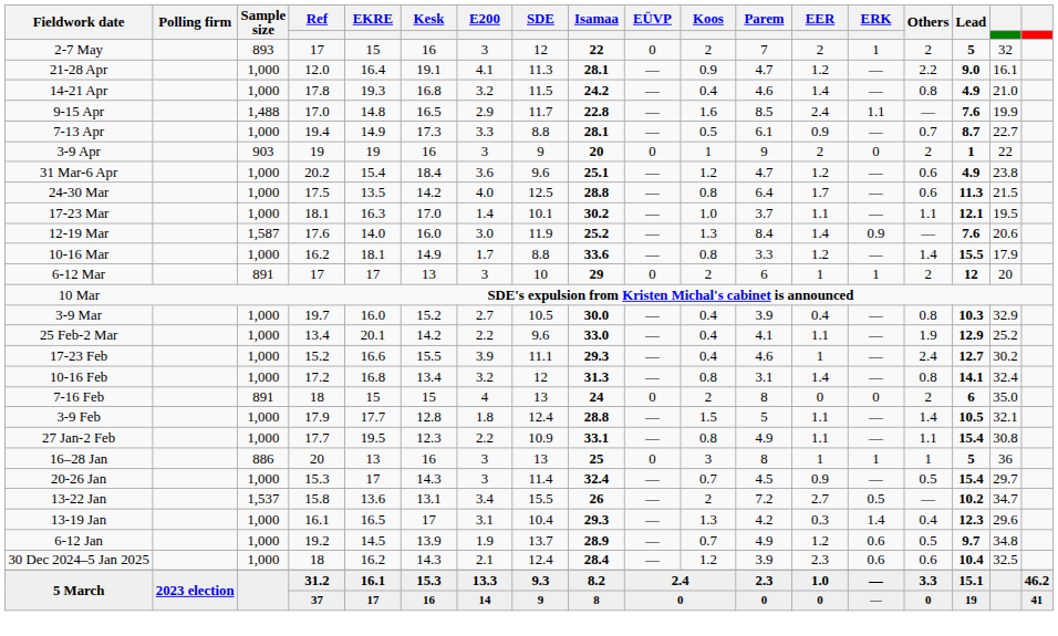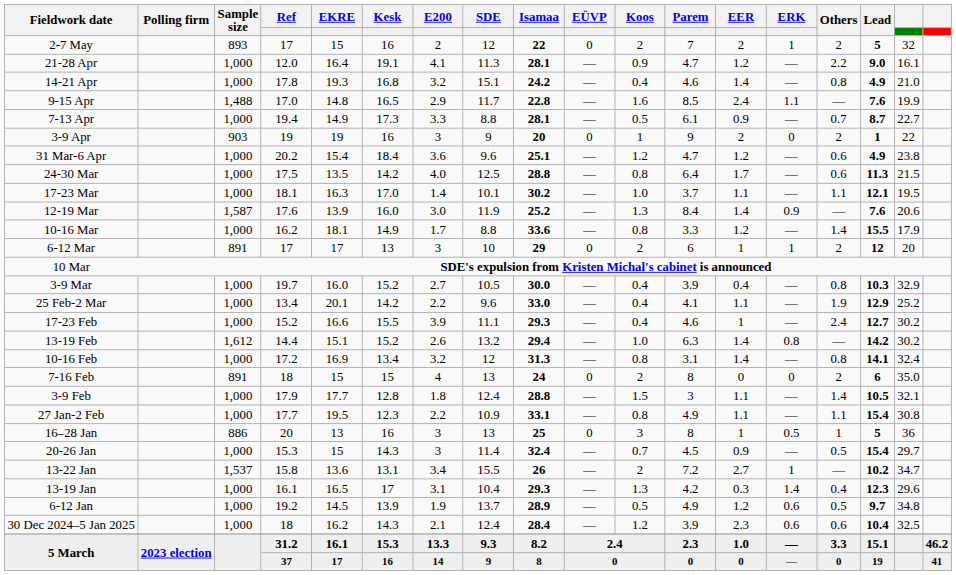 <table class="wikitable sortable mw-datatable" style="text-align:center;font-size:90%;line-height:14px;">
 <tr>
 <th rowspan="2">Fieldwork date</th>
 <th rowspan="2">Polling firm</th>
 <th rowspan="2" data-sort-type="number">Sample<br>size</th>
 <th class="unsortable" style="width:50px;"><a href='#'>Ref</a></th>
 <th class="unsortable" style="width:50px;"><a href='#'>EKRE</a></th>
 <th class="unsortable" style="width:50px;"><a href='#'>Kesk</a></th>
 <th class="unsortable" style="width:50px;"><a href='#'>E200</a></th>
 <th class="unsortable" style="width:50px;"><a href='#'>SDE</a></th>
 <th class="unsortable" style="width:50px;"><a href='#'>Isamaa</a></th>
 <th class="unsortable" style="width:50px;"><a href='#'>EÜVP</a></th>
 <th class="unsortable" style="width:50px;"><a href='#'>Koos</a></th>
 <th class="unsortable" style="width:50px;"><a href='#'>Parem</a></th>
 <th class="unsortable" style="width:50px;"><a href='#'>EER</a></th>
 <th class="unsortable" style="width:50px;"><a href='#'>ERK</a></th>
 <th rowspan="2" class="unsortable">Others</th>
 <th rowspan="2" data-sort-type="number">Lead</th>
 <th class="unsortable" style="width:20px;"></th>
 <th class="unsortable" style="width:20px;"></th>
 </tr>
 <tr style="text-align:center;">
 <th data-sort-type="number" style="background:"></th>
 <th data-sort-type="number" style="background:"></th>
 <th data-sort-type="number" style="background:"></th>
 <th data-sort-type="number" style="background:"></th>
 <th data-sort-type="number" style="background:"></th>
 <th data-sort-type="number" style="background:"></th>
 <th data-sort-type="number" style="background:"></th>
 <th data-sort-type="number" style="background:"></th>
 <th data-sort-type="number" style="background:"></th>
 <th data-sort-type="number" style="background:"></th>
 <th data-sort-type="number" style="background:"></th>
 <th data-sort-type="number" style="background:Green;"></th>
 <th data-sort-type="number" style="background:Red;"></th>
 </tr>
 <tr>
 <td>2-7 May</td>
 <td></td>
 <td>893</td>
 <td>17</td>
 <td>15</td>
 <td>16</td>
-<td>3</td>
+<td>2</td>
 <td>12</td>
 <td><strong>22</strong></td>
 <td>0</td>
 <td>2</td>
 <td>7</td>
 <td>2</td>
 <td>1</td>
 <td>2</td>
 <td style="background:"><strong>5</strong></td>
 <td>32</td>
 <td></td>
 </tr>
 <tr>
 <td>21-28 Apr</td>
 <td></td>
 <td>1,000</td>
 <td>12.0</td>
 <td>16.4</td>
 <td>19.1</td>
 <td>4.1</td>
 <td>11.3</td>
 <td><strong>28.1</strong></td>
 <td>—</td>
 <td>0.9</td>
 <td>4.7</td>
 <td>1.2</td>
 <td>—</td>
 <td>2.2</td>
 <td style="background:"><strong>9.0</strong></td>
 <td>16.1</td>
 <td></td>
 </tr>
 <tr>
 <td>14-21 Apr</td>
 <td></td>
 <td>1,000</td>
 <td>17.8</td>
 <td>19.3</td>
 <td>16.8</td>
 <td>3.2</td>
-<td>11.5</td>
+<td>15.1</td>
 <td><strong>24.2</strong></td>
 <td>—</td>
 <td>0.4</td>
 <td>4.6</td>
 <td>1.4</td>
 <td>—</td>
 <td>0.8</td>
 <td style="background:"><strong>4.9</strong></td>
 <td>21.0</td>
 <td></td>
 </tr>
 <tr>
 <td>9-15 Apr</td>
 <td></td>
 <td>1,488</td>
 <td>17.0</td>
 <td>14.8</td>
 <td>16.5</td>
 <td>2.9</td>
 <td>11.7</td>
 <td><strong>22.8</strong></td>
 <td>—</td>
 <td>1.6</td>
 <td>8.5</td>
 <td>2.4</td>
 <td>1.1</td>
 <td>—</td>
 <td style="background:"><strong>7.6</strong></td>
 <td>19.9</td>
 <td></td>
 </tr>
 <tr>
 <td>7-13 Apr</td>
 <td></td>
 <td>1,000</td>
 <td>19.4</td>
 <td>14.9</td>
 <td>17.3</td>
 <td>3.3</td>
 <td>8.8</td>
 <td><strong>28.1</strong></td>
 <td>—</td>
 <td>0.5</td>
 <td>6.1</td>
 <td>0.9</td>
 <td>—</td>
 <td>0.7</td>
 <td style="background:"><strong>8.7</strong></td>
 <td>22.7</td>
 <td></td>
 </tr>
 <tr>
 <td>3-9 Apr</td>
 <td></td>
 <td>903</td>
 <td>19</td>
 <td>19</td>
 <td>16</td>
 <td>3</td>
 <td>9</td>
 <td><strong>20</strong></td>
 <td>0</td>
 <td>1</td>
 <td>9</td>
 <td>2</td>
 <td>0</td>
 <td>2</td>
 <td style="background:"><strong>1</strong></td>
 <td>22</td>
 <td></td>
 </tr>
 <tr>
 <td>31 Mar-6 Apr</td>
 <td></td>
 <td>1,000</td>
 <td>20.2</td>
 <td>15.4</td>
 <td>18.4</td>
 <td>3.6</td>
 <td>9.6</td>
 <td><strong>25.1</strong></td>
 <td>—</td>
 <td>1.2</td>
 <td>4.7</td>
 <td>1.2</td>
 <td>—</td>
 <td>0.6</td>
 <td style="background:"><strong>4.9</strong></td>
 <td>23.8</td>
 <td></td>
 </tr>
 <tr>
 <td>24-30 Mar</td>
 <td></td>
 <td>1,000</td>
 <td>17.5</td>
 <td>13.5</td>
 <td>14.2</td>
 <td>4.0</td>
 <td>12.5</td>
 <td><strong>28.8</strong></td>
 <td>—</td>
 <td>0.8</td>
 <td>6.4</td>
 <td>1.7</td>
 <td>—</td>
 <td>0.6</td>
 <td style="background:"><strong>11.3</strong></td>
 <td>21.5</td>
 <td></td>
 </tr>
 <tr>
 <td>17-23 Mar</td>
 <td></td>
 <td>1,000</td>
 <td>18.1</td>
 <td>16.3</td>
 <td>17.0</td>
 <td>1.4</td>
 <td>10.1</td>
 <td><strong>30.2</strong></td>
 <td>—</td>
 <td>1.0</td>
 <td>3.7</td>
 <td>1.1</td>
 <td>—</td>
 <td>1.1</td>
 <td style="background:"><strong>12.1</strong></td>
 <td>19.5</td>
 <td></td>
 </tr>
 <tr>
 <td>12-19 Mar</td>
 <td></td>
 <td>1,587</td>
 <td>17.6</td>
-<td>14.0</td>
+<td>13.9</td>
 <td>16.0</td>
 <td>3.0</td>
 <td>11.9</td>
 <td><strong>25.2</strong></td>
 <td>—</td>
 <td>1.3</td>
 <td>8.4</td>
 <td>1.4</td>
 <td>0.9</td>
 <td>—</td>
 <td style="background:"><strong>7.6</strong></td>
 <td>20.6</td>
 <td></td>
 </tr>
 <tr>
 <td>10-16 Mar</td>
 <td></td>
 <td>1,000</td>
 <td>16.2</td>
 <td>18.1</td>
 <td>14.9</td>
 <td>1.7</td>
 <td>8.8</td>
 <td><strong>33.6</strong></td>
 <td>—</td>
 <td>0.8</td>
 <td>3.3</td>
 <td>1.2</td>
 <td>—</td>
 <td>1.4</td>
 <td style="background:"><strong>15.5</strong></td>
 <td>17.9</td>
 <td></td>
 </tr>
 <tr>
 <td>6-12 Mar</td>
 <td></td>
 <td>891</td>
 <td>17</td>
 <td>17</td>
 <td>13</td>
 <td>3</td>
 <td>10</td>
 <td><strong>29</strong></td>
 <td>0</td>
 <td>2</td>
 <td>6</td>
 <td>1</td>
 <td>1</td>
 <td>2</td>
 <td style="background:"><strong>12</strong></td>
 <td>20</td>
 <td></td>
 </tr>
 <tr>
 <td style="border-right-style:hidden;">10 Mar</td>
 <td style="border-right-style:hidden;"></td>
 <td style="border-right-style:hidden;"></td>
 <td colspan="15"><strong>SDE's expulsion from <a href='#'>Kristen Michal's cabinet</a> is announced</strong></td>
 </tr>
 <tr>
 <td>3-9 Mar</td>
 <td></td>
 <td>1,000</td>
 <td>19.7</td>
 <td>16.0</td>
 <td>15.2</td>
 <td>2.7</td>
 <td>10.5</td>
 <td><strong>30.0</strong></td>
 <td>—</td>
 <td>0.4</td>
 <td>3.9</td>
 <td>0.4</td>
 <td>—</td>
 <td>0.8</td>
 <td style="background:"><strong>10.3</strong></td>
 <td>32.9</td>
 <td></td>
 </tr>
 <tr>
 <td>25 Feb-2 Mar</td>
 <td></td>
 <td>1,000</td>
 <td>13.4</td>
 <td>20.1</td>
 <td>14.2</td>
 <td>2.2</td>
 <td>9.6</td>
 <td><strong>33.0</strong></td>
 <td>—</td>
 <td>0.4</td>
 <td>4.1</td>
 <td>1.1</td>
 <td>—</td>
 <td>1.9</td>
 <td style="background:"><strong>12.9</strong></td>
 <td>25.2</td>
 <td></td>
 </tr>
 <tr>
 <td>17-23 Feb</td>
 <td></td>
 <td>1,000</td>
 <td>15.2</td>
 <td>16.6</td>
 <td>15.5</td>
 <td>3.9</td>
 <td>11.1</td>
 <td><strong>29.3</strong></td>
 <td>—</td>
 <td>0.4</td>
 <td>4.6</td>
 <td>1</td>
 <td>—</td>
 <td>2.4</td>
 <td style="background:"><strong>12.7</strong></td>
 <td>30.2</td>
 <td></td>
 </tr>
 <tr>
+<td>13-19 Feb</td>
+<td></td>
+<td>1,612</td>
+<td>14.4</td>
+<td>15.1</td>
+<td>15.2</td>
+<td>2.6</td>
+<td>13.2</td>
+<td><strong>29.4</strong></td>
+<td>—</td>
+<td>1.0</td>
+<td>6.3</td>
+<td>1.4</td>
+<td>0.8</td>
+<td>—</td>
+<td style="background:"><strong>14.2</strong></td>
+<td>30.2</td>
+<td></td>
+</tr>
+<tr>
 <td>10-16 Feb</td>
 <td></td>
 <td>1,000</td>
 <td>17.2</td>
-<td>16.8</td>
+<td>16.9</td>
 <td>13.4</td>
 <td>3.2</td>
 <td>12</td>
 <td><strong>31.3</strong></td>
 <td>—</td>
 <td>0.8</td>
 <td>3.1</td>
 <td>1.4</td>
 <td>—</td>
 <td>0.8</td>
 <td style="background:"><strong>14.1</strong></td>
 <td>32.4</td>
 <td></td>
 </tr>
 <tr>
 <td>7-16 Feb</td>
 <td></td>
 <td>891</td>
 <td>18</td>
 <td>15</td>
 <td>15</td>
 <td>4</td>
 <td>13</td>
 <td><strong>24</strong></td>
 <td>0</td>
 <td>2</td>
 <td>8</td>
 <td>0</td>
 <td>0</td>
 <td>2</td>
 <td style="background:"><strong>6</strong></td>
 <td>35.0</td>
 <td></td>
 </tr>
 <tr>
 <td>3-9 Feb</td>
 <td></td>
 <td>1,000</td>
 <td>17.9</td>
 <td>17.7</td>
 <td>12.8</td>
 <td>1.8</td>
 <td>12.4</td>
 <td><strong>28.8</strong></td>
 <td>—</td>
 <td>1.5</td>
-<td>5</td>
+<td>3</td>
 <td>1.1</td>
 <td>—</td>
 <td>1.4</td>
 <td style="background:"><strong>10.5</strong></td>
 <td>32.1</td>
 <td></td>
 </tr>
 <tr>
 <td>27 Jan-2 Feb</td>
 <td></td>
 <td>1,000</td>
 <td>17.7</td>
 <td>19.5</td>
 <td>12.3</td>
 <td>2.2</td>
 <td>10.9</td>
 <td><strong>33.1</strong></td>
 <td>—</td>
 <td>0.8</td>
 <td>4.9</td>
 <td>1.1</td>
 <td>—</td>
 <td>1.1</td>
 <td style="background:"><strong>15.4</strong></td>
 <td>30.8</td>
 <td></td>
 </tr>
 <tr>
 <td>16–28 Jan</td>
 <td></td>
 <td>886</td>
 <td>20</td>
 <td>13</td>
 <td>16</td>
 <td>3</td>
 <td>13</td>
 <td><strong>25</strong></td>
 <td>0</td>
 <td>3</td>
 <td>8</td>
 <td>1</td>
-<td>1</td>
+<td>0.5</td>
 <td>1</td>
 <td style="background:"><strong>5</strong></td>
 <td>36</td>
 <td></td>
 </tr>
 <tr>
 <td>20-26 Jan</td>
 <td></td>
 <td>1,000</td>
 <td>15.3</td>
-<td>17</td>
+<td>15</td>
 <td>14.3</td>
 <td>3</td>
 <td>11.4</td>
 <td><strong>32.4</strong></td>
 <td>—</td>
 <td>0.7</td>
 <td>4.5</td>
 <td>0.9</td>
 <td>—</td>
 <td>0.5</td>
 <td style="background:"><strong>15.4</strong></td>
 <td>29.7</td>
 <td></td>
 </tr>
 <tr>
 <td>13-22 Jan</td>
 <td></td>
 <td>1,537</td>
 <td>15.8</td>
 <td>13.6</td>
 <td>13.1</td>
 <td>3.4</td>
 <td>15.5</td>
 <td><strong>26</strong></td>
 <td>—</td>
 <td>2</td>
 <td>7.2</td>
 <td>2.7</td>
-<td>0.5</td>
+<td>1</td>
 <td>—</td>
 <td style="background:"><strong>10.2</strong></td>
 <td>34.7</td>
 <td></td>
 </tr>
 <tr>
 <td>13-19 Jan</td>
 <td></td>
 <td>1,000</td>
 <td>16.1</td>
 <td>16.5</td>
 <td>17</td>
 <td>3.1</td>
 <td>10.4</td>
 <td><strong>29.3</strong></td>
 <td>—</td>
 <td>1.3</td>
 <td>4.2</td>
 <td>0.3</td>
 <td>1.4</td>
 <td>0.4</td>
 <td style="background:"><strong>12.3</strong></td>
 <td>29.6</td>
 <td></td>
 </tr>
 <tr>
 <td>6-12 Jan</td>
 <td></td>
 <td>1,000</td>
 <td>19.2</td>
 <td>14.5</td>
 <td>13.9</td>
 <td>1.9</td>
 <td>13.7</td>
 <td><strong>28.9</strong></td>
 <td>—</td>
-<td>0.7</td>
+<td>0.5</td>
 <td>4.9</td>
 <td>1.2</td>
 <td>0.6</td>
 <td>0.5</td>
 <td style="background:"><strong>9.7</strong></td>
 <td>34.8</td>
 <td></td>
 </tr>
 <tr>
 <td>30 Dec 2024–5 Jan 2025</td>
 <td></td>
 <td>1,000</td>
 <td>18</td>
 <td>16.2</td>
 <td>14.3</td>
 <td>2.1</td>
 <td>12.4</td>
 <td><strong>28.4</strong></td>
 <td>—</td>
 <td>1.2</td>
 <td>3.9</td>
 <td>2.3</td>
 <td>0.6</td>
 <td>0.6</td>
 <td style="background:"><strong>10.4</strong></td>
 <td>32.5</td>
 <td></td>
 </tr>
 <tr>
 </tr>
 <tr style="background:#EFEFEF; font-weight:bold;">
 <td rowspan="2">5 March</td>
 <td rowspan="2"><a href='#'>2023 election</a></td>
 <td rowspan="2"></td>
 <td>31.2</td>
 <td>16.1</td>
 <td>15.3</td>
 <td>13.3</td>
 <td>9.3</td>
 <td>8.2</td>
 <td colspan="2">2.4</td>
 <td>2.3</td>
 <td>1.0</td>
 <td>—</td>
 <td>3.3</td>
 <td style="background:">15.1</td>
 <td></td>
 <td>46.2</td>
 </tr>
 <tr style="background:#EFEFEF; font-weight:bold;font-size:85%;">
 <td>37</td>
 <td>17</td>
 <td>16</td>
 <td>14</td>
 <td>9</td>
 <td>8</td>
 <td colspan="2">0</td>
 <td>0</td>
 <td>0</td>
 <td>—</td>
 <td>0</td>
 <td style="background:">19</td>
 <td></td>
 <td>41</td>
 </tr>
 </table>
